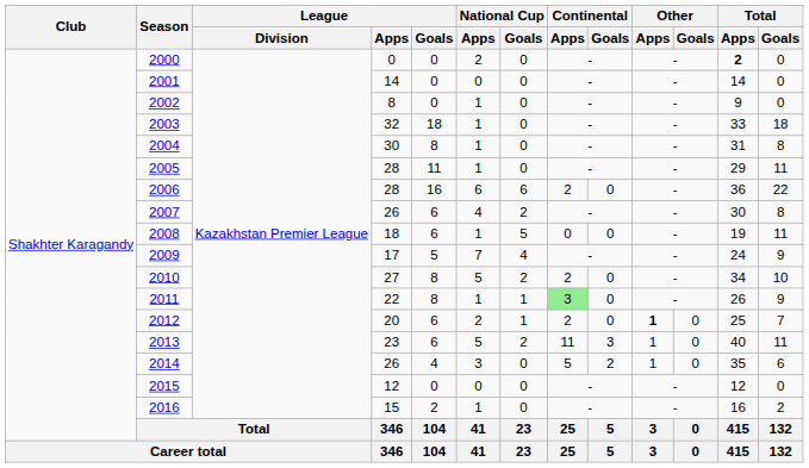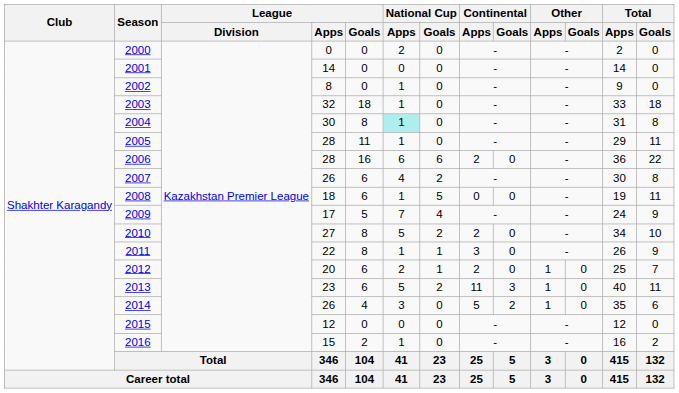 <table class="wikitable" style="text-align: center;">
 <tr>
 <th rowspan="2">Club</th>
 <th rowspan="2">Season</th>
 <th colspan="3">League</th>
 <th colspan="2">National Cup</th>
 <th colspan="2">Continental</th>
 <th colspan="2">Other</th>
 <th colspan="2">Total</th>
 </tr>
 <tr>
 <th>Division</th>
 <th>Apps</th>
 <th>Goals</th>
 <th>Apps</th>
 <th>Goals</th>
 <th>Apps</th>
 <th>Goals</th>
 <th>Apps</th>
 <th>Goals</th>
 <th>Apps</th>
 <th>Goals</th>
 </tr>
 <tr>
 <td rowspan="18" valign="center"><a href='#'>Shakhter Karagandy</a></td>
 <td><a href='#'>2000</a></td>
 <td rowspan="17" valign="center"><a href='#'>Kazakhstan Premier League</a></td>
 <td>0</td>
 <td>0</td>
 <td>2</td>
 <td>0</td>
 <td colspan="2">-</td>
 <td colspan="2">-</td>
-<td><strong>2</strong></td>
+<td>2</td>
 <td>0</td>
 </tr>
 <tr>
 <td><a href='#'>2001</a></td>
 <td>14</td>
 <td>0</td>
 <td>0</td>
 <td>0</td>
 <td colspan="2">-</td>
 <td colspan="2">-</td>
 <td>14</td>
 <td>0</td>
 </tr>
 <tr>
 <td><a href='#'>2002</a></td>
 <td>8</td>
 <td>0</td>
 <td>1</td>
 <td>0</td>
 <td colspan="2">-</td>
 <td colspan="2">-</td>
 <td>9</td>
 <td>0</td>
 </tr>
 <tr>
 <td><a href='#'>2003</a></td>
 <td>32</td>
 <td>18</td>
 <td>1</td>
 <td>0</td>
 <td colspan="2">-</td>
 <td colspan="2">-</td>
 <td>33</td>
 <td>18</td>
 </tr>
 <tr>
 <td><a href='#'>2004</a></td>
 <td>30</td>
 <td>8</td>
-<td>1</td>
+<td style="background: paleturquoise;">1</td>
 <td>0</td>
 <td colspan="2">-</td>
 <td colspan="2">-</td>
 <td>31</td>
 <td>8</td>
 </tr>
 <tr>
 <td><a href='#'>2005</a></td>
 <td>28</td>
 <td>11</td>
 <td>1</td>
 <td>0</td>
 <td colspan="2">-</td>
 <td colspan="2">-</td>
 <td>29</td>
 <td>11</td>
 </tr>
 <tr>
 <td><a href='#'>2006</a></td>
 <td>28</td>
 <td>16</td>
 <td>6</td>
 <td>6</td>
 <td>2</td>
 <td>0</td>
 <td colspan="2">-</td>
 <td>36</td>
 <td>22</td>
 </tr>
 <tr>
 <td><a href='#'>2007</a></td>
 <td>26</td>
 <td>6</td>
 <td>4</td>
 <td>2</td>
 <td colspan="2">-</td>
 <td colspan="2">-</td>
 <td>30</td>
 <td>8</td>
 </tr>
 <tr>
 <td><a href='#'>2008</a></td>
 <td>18</td>
 <td>6</td>
 <td>1</td>
 <td>5</td>
 <td>0</td>
 <td>0</td>
 <td colspan="2">-</td>
 <td>19</td>
 <td>11</td>
 </tr>
 <tr>
 <td><a href='#'>2009</a></td>
 <td>17</td>
 <td>5</td>
 <td>7</td>
 <td>4</td>
 <td colspan="2">-</td>
 <td colspan="2">-</td>
 <td>24</td>
 <td>9</td>
 </tr>
 <tr>
 <td><a href='#'>2010</a></td>
 <td>27</td>
 <td>8</td>
 <td>5</td>
 <td>2</td>
 <td>2</td>
 <td>0</td>
 <td colspan="2">-</td>
 <td>34</td>
 <td>10</td>
 </tr>
 <tr>
 <td><a href='#'>2011</a></td>
 <td>22</td>
 <td>8</td>
 <td>1</td>
 <td>1</td>
-<td style="background: lightgreen;">3</td>
+<td>3</td>
 <td>0</td>
 <td colspan="2">-</td>
 <td>26</td>
 <td>9</td>
 </tr>
 <tr>
 <td><a href='#'>2012</a></td>
 <td>20</td>
 <td>6</td>
 <td>2</td>
 <td>1</td>
 <td>2</td>
 <td>0</td>
-<td><strong>1</strong></td>
+<td>1</td>
 <td>0</td>
 <td>25</td>
 <td>7</td>
 </tr>
 <tr>
 <td><a href='#'>2013</a></td>
 <td>23</td>
 <td>6</td>
 <td>5</td>
 <td>2</td>
 <td>11</td>
 <td>3</td>
 <td>1</td>
 <td>0</td>
 <td>40</td>
 <td>11</td>
 </tr>
 <tr>
 <td><a href='#'>2014</a></td>
 <td>26</td>
 <td>4</td>
 <td>3</td>
 <td>0</td>
 <td>5</td>
 <td>2</td>
 <td>1</td>
 <td>0</td>
 <td>35</td>
 <td>6</td>
 </tr>
 <tr>
 <td><a href='#'>2015</a></td>
 <td>12</td>
 <td>0</td>
 <td>0</td>
 <td>0</td>
 <td colspan="2">-</td>
 <td colspan="2">-</td>
 <td>12</td>
 <td>0</td>
 </tr>
 <tr>
 <td><a href='#'>2016</a></td>
 <td>15</td>
 <td>2</td>
 <td>1</td>
 <td>0</td>
 <td colspan="2">-</td>
 <td colspan="2">-</td>
 <td>16</td>
 <td>2</td>
 </tr>
 <tr>
 <th colspan="2">Total</th>
 <th>346</th>
 <th>104</th>
 <th>41</th>
 <th>23</th>
 <th>25</th>
 <th>5</th>
 <th>3</th>
 <th>0</th>
 <th>415</th>
 <th>132</th>
 </tr>
 <tr>
 <th colspan="3">Career total</th>
 <th>346</th>
 <th>104</th>
 <th>41</th>
 <th>23</th>
 <th>25</th>
 <th>5</th>
 <th>3</th>
 <th>0</th>
 <th>415</th>
 <th>132</th>
 </tr>
 </table>
